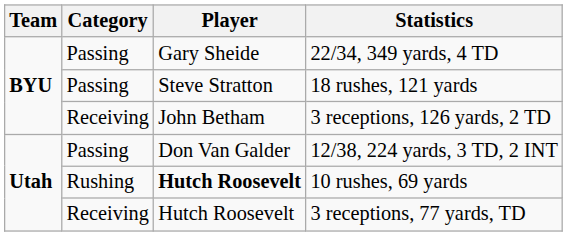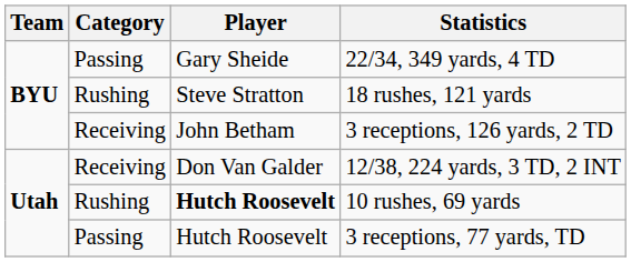 <table class="wikitable" style="float: left;">
 <tr>
 <th>Team</th>
 <th>Category</th>
 <th>Player</th>
 <th>Statistics</th>
 </tr>
 <tr>
 <td rowspan=3><strong>BYU</strong></td>
 <td>Passing</td>
 <td>Gary Sheide</td>
 <td>22/34, 349 yards, 4 TD</td>
 </tr>
 <tr>
-<td>Passing</td>
+<td>Rushing</td>
 <td>Steve Stratton</td>
 <td>18 rushes, 121 yards</td>
 </tr>
 <tr>
 <td>Receiving</td>
 <td>John Betham</td>
 <td>3 receptions, 126 yards, 2 TD</td>
 </tr>
 <tr>
 <td rowspan=3><strong>Utah</strong></td>
-<td>Passing</td>
+<td>Receiving</td>
 <td>Don Van Galder</td>
 <td>12/38, 224 yards, 3 TD, 2 INT</td>
 </tr>
 <tr>
 <td>Rushing</td>
 <td><strong>Hutch Roosevelt</strong></td>
 <td>10 rushes, 69 yards</td>
 </tr>
 <tr>
-<td>Receiving</td>
+<td>Passing</td>
 <td>Hutch Roosevelt</td>
 <td>3 receptions, 77 yards, TD</td>
 </tr>
 </table>
